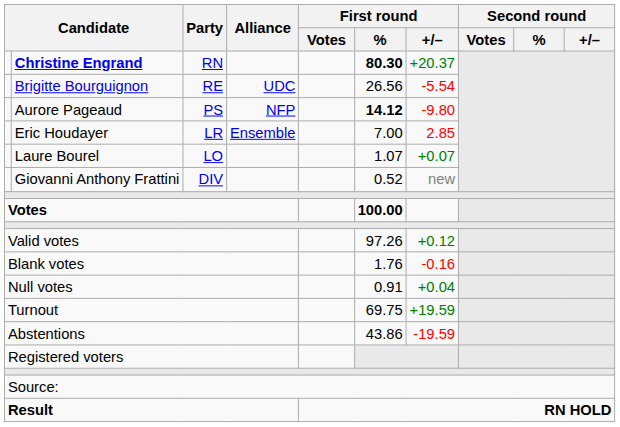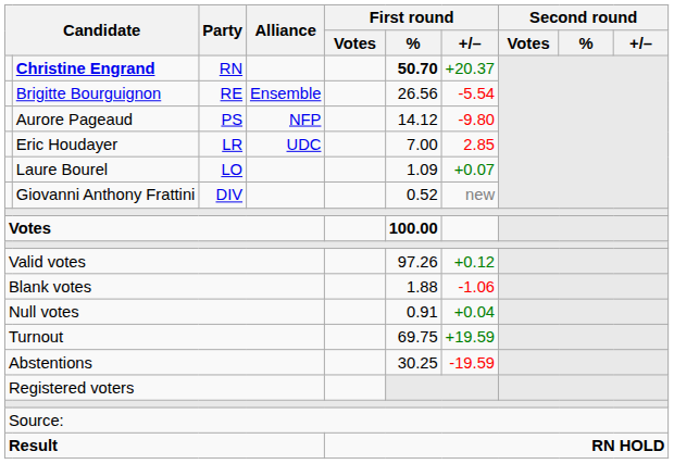 <table class="wikitable" style="text-align:right;font-size:95%;">
 <tr>
 <th rowspan="2" colspan="2">Candidate</th>
 <th colspan="1" rowspan="2">Party</th>
 <th colspan="1" rowspan="2">Alliance</th>
 <th colspan="3">First round</th>
 <th colspan="3">Second round</th>
 </tr>
 <tr>
 <th style="width:50px;">Votes</th>
 <th style="width:45px;">%</th>
 <th style="width:45px;">+/–</th>
 <th style="width:50px;">Votes</th>
 <th style="width:45px;">%</th>
 <th style="width:45px;">+/–</th>
 </tr>
 <tr>
 <td style="background:"></td>
 <td style="text-align:left;"><strong><a href='#'>Christine Engrand</a></strong></td>
 <td><a href='#'>RN</a></td>
 <td></td>
 <td><strong></strong></td>
-<td><strong>80.30</strong></td>
+<td><strong>50.70</strong></td>
 <td style="color:green;">+20.37</td>
 <td colspan="3" rowspan="6" style="background:#E9E9E9;"></td>
 </tr>
 <tr>
 <td style="background:"></td>
 <td style="text-align:left;"><a href='#'>Brigitte Bourguignon</a></td>
 <td><a href='#'>RE</a></td>
-<td><a href='#'>UDC</a></td>
+<td><a href='#'>Ensemble</a></td>
 <td></td>
 <td>26.56</td>
 <td style="color:red;">-5.54</td>
 </tr>
 <tr>
 <td style="background:"></td>
 <td style="text-align:left;">Aurore Pageaud</td>
 <td><a href='#'>PS</a></td>
 <td><a href='#'>NFP</a></td>
 <td></td>
-<td><strong>14.12</strong></td>
+<td>14.12</td>
 <td style="color:red;">-9.80</td>
 </tr>
 <tr>
 <td style="background:"></td>
 <td style="text-align:left;">Eric Houdayer</td>
 <td><a href='#'>LR</a></td>
-<td><a href='#'>Ensemble</a></td>
+<td><a href='#'>UDC</a></td>
 <td></td>
 <td>7.00</td>
 <td style="color:red;">2.85</td>
 </tr>
 <tr>
 <td style="background:"></td>
 <td style="text-align:left;">Laure Bourel</td>
 <td><a href='#'>LO</a></td>
 <td></td>
 <td></td>
-<td>1.07</td>
+<td>1.09</td>
 <td style="color:green;">+0.07</td>
 </tr>
 <tr>
 <td style="background:"></td>
 <td style="text-align:left;">Giovanni Anthony Frattini</td>
 <td><a href='#'>DIV</a></td>
 <td></td>
 <td></td>
 <td>0.52</td>
 <td style="color:grey;">new</td>
 </tr>
 <tr>
 <td colspan="10" style="background:#E9E9E9;"></td>
 </tr>
 <tr style="font-weight:bold;">
 <td colspan="4" style="text-align:left;">Votes</td>
 <td></td>
 <td>100.00</td>
 <td></td>
 <td colspan="3" rowspan="1" style="background:#E9E9E9;"></td>
 </tr>
 <tr>
 <td colspan="10" style="background:#E9E9E9;"></td>
 </tr>
 <tr>
 <td colspan="4" style="text-align:left;">Valid votes</td>
 <td></td>
 <td>97.26</td>
 <td style="color:green;">+0.12</td>
 <td colspan="3" rowspan="1" style="background:#E9E9E9;"></td>
 </tr>
 <tr>
 <td colspan="4" style="text-align:left;">Blank votes</td>
 <td></td>
-<td>1.76</td>
-<td style="color:red;">-0.16</td>
+<td>1.88</td>
+<td style="color:red;">-1.06</td>
 <td colspan="3" rowspan="1" style="background:#E9E9E9;"></td>
 </tr>
 <tr>
 <td colspan="4" style="text-align:left;">Null votes</td>
 <td></td>
 <td>0.91</td>
 <td style="color:green;">+0.04</td>
 <td colspan="3" rowspan="1" style="background:#E9E9E9;"></td>
 </tr>
 <tr>
 <td colspan="4" style="text-align:left;">Turnout</td>
 <td></td>
 <td>69.75</td>
 <td style="color:green;">+19.59</td>
 <td colspan="3" rowspan="1" style="background:#E9E9E9;"></td>
 </tr>
 <tr>
 <td colspan="4" style="text-align:left;">Abstentions</td>
 <td></td>
-<td>43.86</td>
+<td>30.25</td>
 <td style="color:red;">-19.59</td>
 <td colspan="3" rowspan="1" style="background:#E9E9E9;"></td>
 </tr>
 <tr>
 <td colspan="4" style="text-align:left;">Registered voters</td>
 <td></td>
 <td colspan="2" style="background:#E9E9E9;"></td>
 <td colspan="3" rowspan="1" style="background:#E9E9E9;"></td>
 </tr>
 <tr>
 <td colspan="10" style="background:#E9E9E9;"></td>
 </tr>
 <tr>
 <td colspan="10" style="text-align:left;">Source: </td>
 </tr>
 <tr style="font-weight:bold">
 <td colspan="4" style="text-align:left;">Result</td>
 <td colspan="6" style="background-color:">RN HOLD</td>
 </tr>
 </table>
